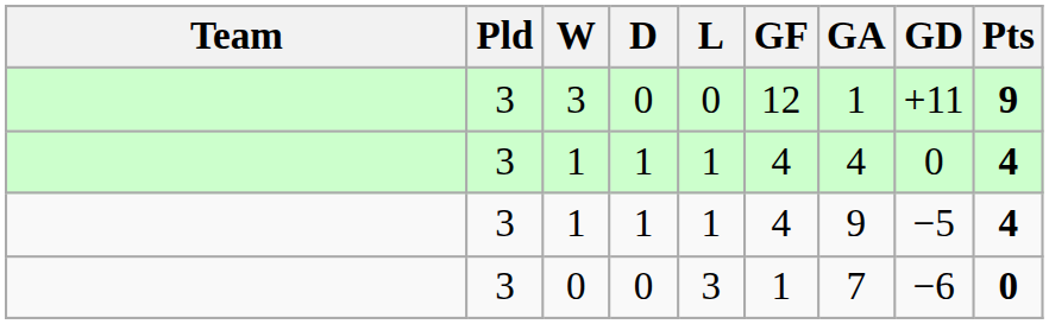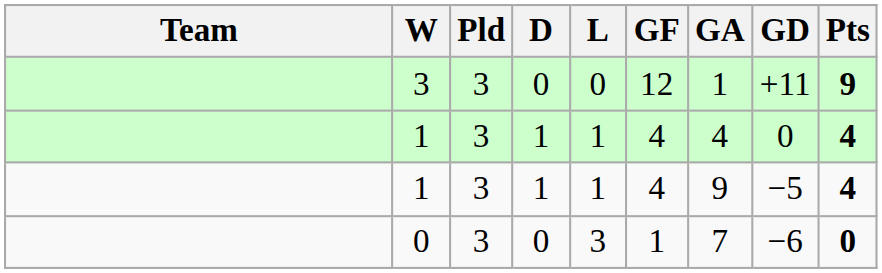 <table class="wikitable" style="text-align:center;">
 <tr>
 <th width=180>Team</th>
+<th width=20>W</th>
 <th width=20>Pld</th>
-<th width=20>W</th>
 <th width=20>D</th>
 <th width=20>L</th>
 <th width=20>GF</th>
 <th width=20>GA</th>
 <th width=20>GD</th>
 <th width=20>Pts</th>
 </tr>
 <tr bgcolor=ccffcc>
 <td align="left"></td>
 <td>3</td>
 <td>3</td>
 <td>0</td>
 <td>0</td>
 <td>12</td>
 <td>1</td>
 <td>+11</td>
 <td><strong>9</strong></td>
 </tr>
 <tr bgcolor=ccffcc>
 <td align="left"><em></em></td>
+<td>1</td>
 <td>3</td>
-<td>1</td>
 <td>1</td>
 <td>1</td>
 <td>4</td>
 <td>4</td>
 <td>0</td>
 <td><strong>4</strong></td>
 </tr>
 <tr>
 <td align="left"></td>
+<td>1</td>
 <td>3</td>
-<td>1</td>
 <td>1</td>
 <td>1</td>
 <td>4</td>
 <td>9</td>
 <td>−5</td>
 <td><strong>4</strong></td>
 </tr>
 <tr>
 <td align="left"></td>
+<td>0</td>
 <td>3</td>
-<td>0</td>
 <td>0</td>
 <td>3</td>
 <td>1</td>
 <td>7</td>
 <td>−6</td>
 <td><strong>0</strong></td>
 </tr>
 </table>
